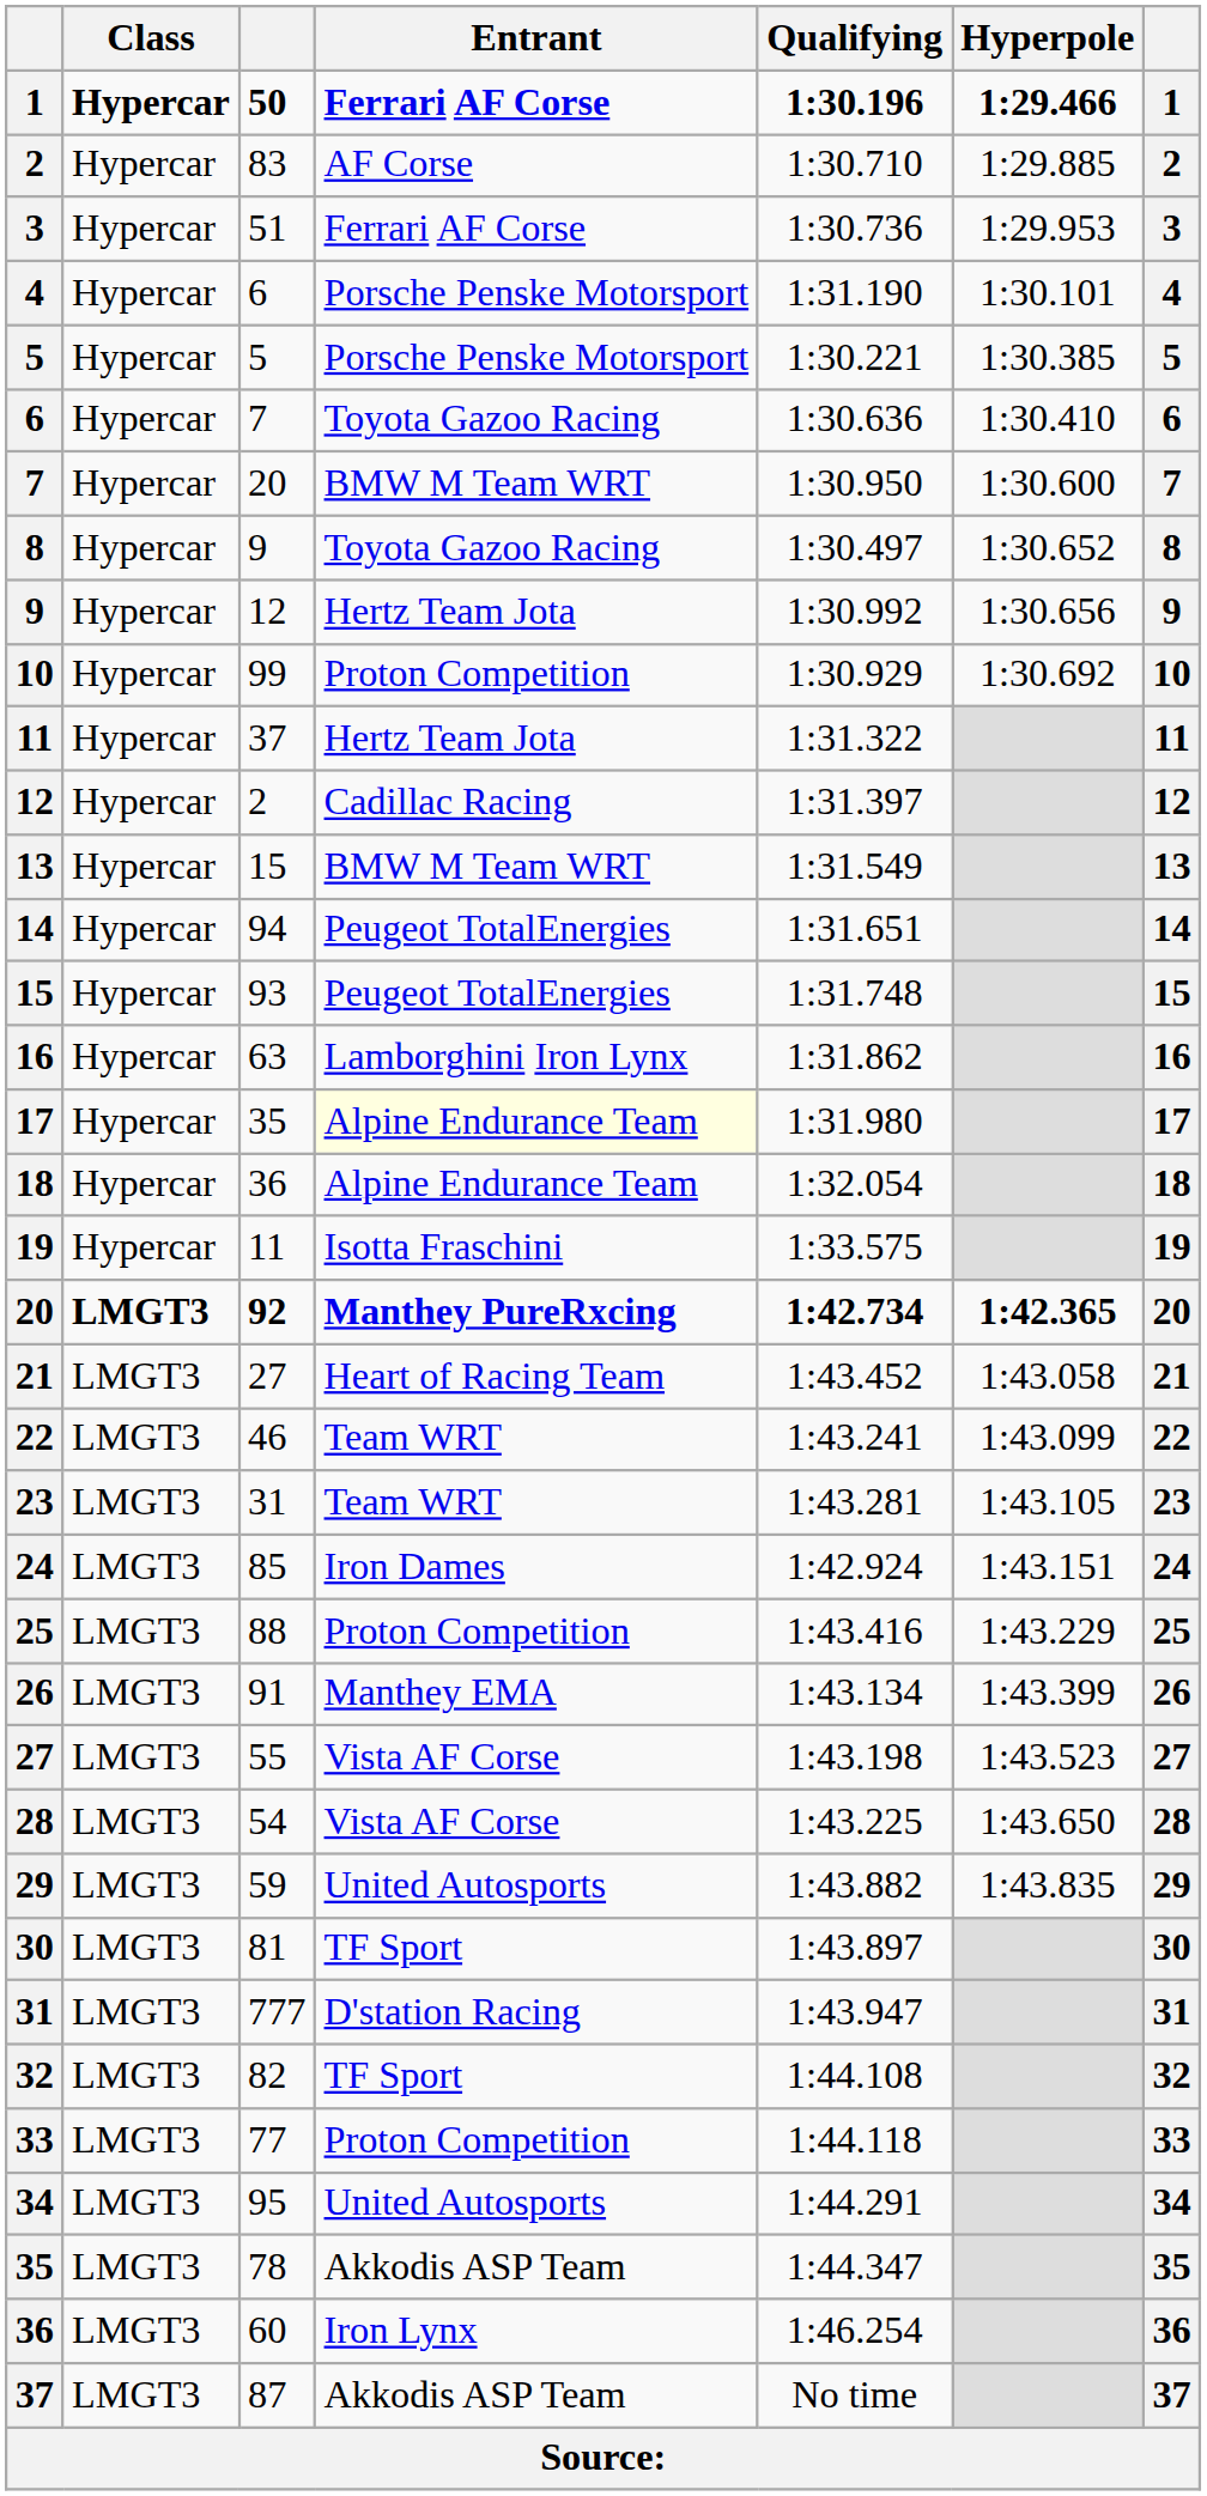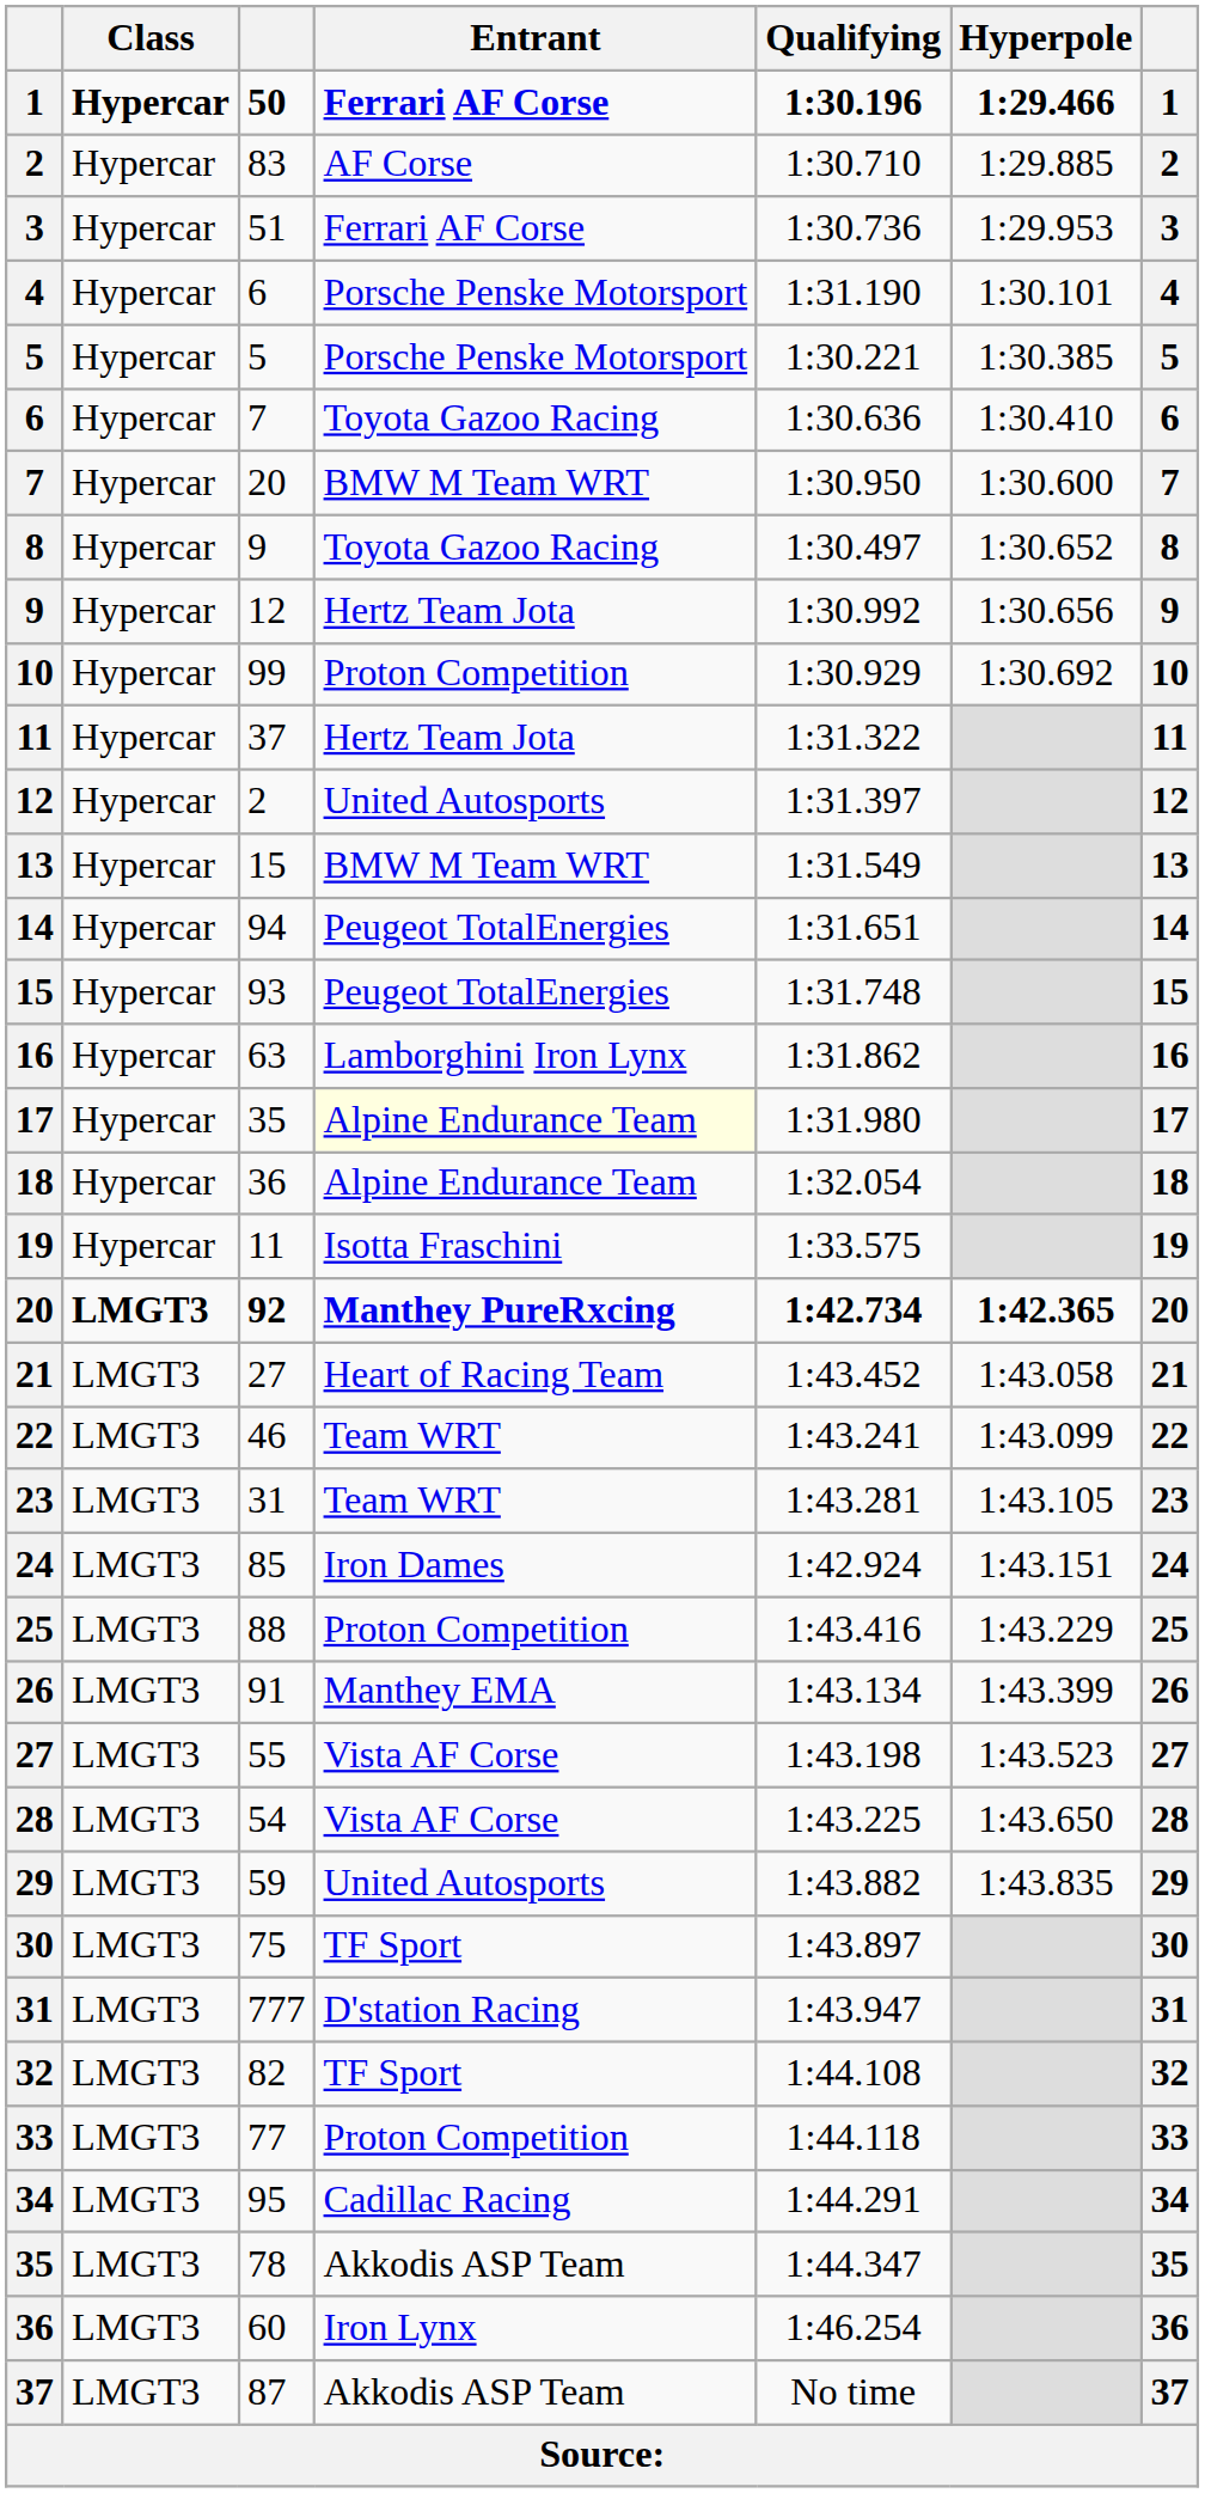 <table class="wikitable" style="font-size:90%;">
 <tr>
 <th></th>
 <th>Class</th>
 <th></th>
 <th>Entrant</th>
 <th>Qualifying</th>
 <th>Hyperpole</th>
 <th></th>
 </tr>
 <tr style="font-weight:bold">
 <th>1</th>
 <td>Hypercar</td>
 <td>50</td>
 <td> <a href='#'>Ferrari</a> <a href='#'>AF Corse</a></td>
 <td style="text-align:center;">1:30.196</td>
 <td style="text-align:center;">1:29.466</td>
 <th>1</th>
 </tr>
 <tr>
 <th>2</th>
 <td>Hypercar</td>
 <td>83</td>
 <td> <a href='#'>AF Corse</a></td>
 <td style="text-align:center;">1:30.710</td>
 <td style="text-align:center;">1:29.885</td>
 <th>2</th>
 </tr>
 <tr>
 <th>3</th>
 <td>Hypercar</td>
 <td>51</td>
 <td> <a href='#'>Ferrari</a> <a href='#'>AF Corse</a></td>
 <td style="text-align:center;">1:30.736</td>
 <td style="text-align:center;">1:29.953</td>
 <th>3</th>
 </tr>
 <tr>
 <th>4</th>
 <td>Hypercar</td>
 <td>6</td>
 <td> <a href='#'>Porsche Penske Motorsport</a></td>
 <td style="text-align:center;">1:31.190</td>
 <td style="text-align:center;">1:30.101</td>
 <th>4</th>
 </tr>
 <tr>
 <th>5</th>
 <td>Hypercar</td>
 <td>5</td>
 <td> <a href='#'>Porsche Penske Motorsport</a></td>
 <td style="text-align:center;">1:30.221</td>
 <td style="text-align:center;">1:30.385</td>
 <th>5</th>
 </tr>
 <tr>
 <th>6</th>
 <td>Hypercar</td>
 <td>7</td>
 <td> <a href='#'>Toyota Gazoo Racing</a></td>
 <td style="text-align:center;">1:30.636</td>
 <td style="text-align:center;">1:30.410</td>
 <th>6</th>
 </tr>
 <tr>
 <th>7</th>
 <td>Hypercar</td>
 <td>20</td>
 <td> <a href='#'>BMW M Team WRT</a></td>
 <td style="text-align:center;">1:30.950</td>
 <td style="text-align:center;">1:30.600</td>
 <th>7</th>
 </tr>
 <tr>
 <th>8</th>
 <td>Hypercar</td>
 <td>9</td>
 <td> <a href='#'>Toyota Gazoo Racing</a></td>
 <td style="text-align:center;">1:30.497</td>
 <td style="text-align:center;">1:30.652</td>
 <th>8</th>
 </tr>
 <tr>
 <th>9</th>
 <td>Hypercar</td>
 <td>12</td>
 <td> <a href='#'>Hertz Team Jota</a></td>
 <td style="text-align:center;">1:30.992</td>
 <td style="text-align:center;">1:30.656</td>
 <th>9</th>
 </tr>
 <tr>
 <th>10</th>
 <td>Hypercar</td>
 <td>99</td>
 <td> <a href='#'>Proton Competition</a></td>
 <td style="text-align:center;">1:30.929</td>
 <td style="text-align:center;">1:30.692</td>
 <th>10</th>
 </tr>
 <tr>
 <th>11</th>
 <td>Hypercar</td>
 <td>37</td>
 <td> <a href='#'>Hertz Team Jota</a></td>
 <td style="text-align:center;">1:31.322</td>
 <td style="text-align:center; background:#ddd;"></td>
 <th>11</th>
 </tr>
 <tr>
 <th>12</th>
 <td>Hypercar</td>
 <td>2</td>
-<td> <a href='#'>Cadillac Racing</a></td>
+<td> <a href='#'>United Autosports</a></td>
 <td style="text-align:center;">1:31.397</td>
 <td style="text-align:center; background:#ddd;"></td>
 <th>12</th>
 </tr>
 <tr>
 <th>13</th>
 <td>Hypercar</td>
 <td>15</td>
 <td> <a href='#'>BMW M Team WRT</a></td>
 <td style="text-align:center;">1:31.549</td>
 <td style="text-align:center; background:#ddd;"></td>
 <th>13</th>
 </tr>
 <tr>
 <th>14</th>
 <td>Hypercar</td>
 <td>94</td>
 <td> <a href='#'>Peugeot TotalEnergies</a></td>
 <td style="text-align:center;">1:31.651</td>
 <td style="text-align:center; background:#ddd;"></td>
 <th>14</th>
 </tr>
 <tr>
 <th>15</th>
 <td>Hypercar</td>
 <td>93</td>
 <td> <a href='#'>Peugeot TotalEnergies</a></td>
 <td style="text-align:center;">1:31.748</td>
 <td style="text-align:center; background:#ddd;"></td>
 <th>15</th>
 </tr>
 <tr>
 <th>16</th>
 <td>Hypercar</td>
 <td>63</td>
 <td> <a href='#'>Lamborghini</a> <a href='#'>Iron Lynx</a></td>
 <td style="text-align:center;">1:31.862</td>
 <td style="text-align:center; background:#ddd;"></td>
 <th>16</th>
 </tr>
 <tr>
 <th>17</th>
 <td>Hypercar</td>
 <td>35</td>
 <td style="background: lightyellow;"> <a href='#'>Alpine Endurance Team</a></td>
 <td style="text-align:center;">1:31.980</td>
 <td style="text-align:center; background:#ddd;"></td>
 <th>17</th>
 </tr>
 <tr>
 <th>18</th>
 <td>Hypercar</td>
 <td>36</td>
 <td> <a href='#'>Alpine Endurance Team</a></td>
 <td style="text-align:center;">1:32.054</td>
 <td style="text-align:center; background:#ddd;"></td>
 <th>18</th>
 </tr>
 <tr>
 <th>19</th>
 <td>Hypercar</td>
 <td>11</td>
 <td> <a href='#'>Isotta Fraschini</a></td>
 <td style="text-align:center;">1:33.575</td>
 <td style="text-align:center; background:#ddd;"></td>
 <th>19</th>
 </tr>
 <tr style="font-weight:bold">
 <th>20</th>
 <td>LMGT3</td>
 <td>92</td>
 <td> <a href='#'>Manthey PureRxcing</a></td>
 <td style="text-align:center;">1:42.734</td>
 <td style="text-align:center;">1:42.365</td>
 <th>20</th>
 </tr>
 <tr>
 <th>21</th>
 <td>LMGT3</td>
 <td>27</td>
 <td> <a href='#'>Heart of Racing Team</a></td>
 <td style="text-align:center;">1:43.452</td>
 <td style="text-align:center;">1:43.058</td>
 <th>21</th>
 </tr>
 <tr>
 <th>22</th>
 <td>LMGT3</td>
 <td>46</td>
 <td> <a href='#'>Team WRT</a></td>
 <td style="text-align:center;">1:43.241</td>
 <td style="text-align:center;">1:43.099</td>
 <th>22</th>
 </tr>
 <tr>
 <th>23</th>
 <td>LMGT3</td>
 <td>31</td>
 <td> <a href='#'>Team WRT</a></td>
 <td style="text-align:center;">1:43.281</td>
 <td style="text-align:center;">1:43.105</td>
 <th>23</th>
 </tr>
 <tr>
 <th>24</th>
 <td>LMGT3</td>
 <td>85</td>
 <td> <a href='#'>Iron Dames</a></td>
 <td style="text-align:center;">1:42.924</td>
 <td style="text-align:center;">1:43.151</td>
 <th>24</th>
 </tr>
 <tr>
 <th>25</th>
 <td>LMGT3</td>
 <td>88</td>
 <td> <a href='#'>Proton Competition</a></td>
 <td style="text-align:center;">1:43.416</td>
 <td style="text-align:center;">1:43.229</td>
 <th>25</th>
 </tr>
 <tr>
 <th>26</th>
 <td>LMGT3</td>
 <td>91</td>
 <td> <a href='#'>Manthey EMA</a></td>
 <td style="text-align:center;">1:43.134</td>
 <td style="text-align:center;">1:43.399</td>
 <th>26</th>
 </tr>
 <tr>
 <th>27</th>
 <td>LMGT3</td>
 <td>55</td>
 <td> <a href='#'>Vista AF Corse</a></td>
 <td style="text-align:center;">1:43.198</td>
 <td style="text-align:center;">1:43.523</td>
 <th>27</th>
 </tr>
 <tr>
 <th>28</th>
 <td>LMGT3</td>
 <td>54</td>
 <td> <a href='#'>Vista AF Corse</a></td>
 <td style="text-align:center;">1:43.225</td>
 <td style="text-align:center;">1:43.650</td>
 <th>28</th>
 </tr>
 <tr>
 <th>29</th>
 <td>LMGT3</td>
 <td>59</td>
 <td> <a href='#'>United Autosports</a></td>
 <td style="text-align:center;">1:43.882</td>
 <td style="text-align:center;">1:43.835</td>
 <th>29</th>
 </tr>
 <tr>
 <th>30</th>
 <td>LMGT3</td>
-<td>81</td>
+<td>75</td>
 <td> <a href='#'>TF Sport</a></td>
 <td style="text-align:center;">1:43.897</td>
 <td style="text-align:center; background:#ddd;"></td>
 <th>30</th>
 </tr>
 <tr>
 <th>31</th>
 <td>LMGT3</td>
 <td>777</td>
 <td> <a href='#'>D'station Racing</a></td>
 <td style="text-align:center;">1:43.947</td>
 <td style="text-align:center; background:#ddd;"></td>
 <th>31</th>
 </tr>
 <tr>
 <th>32</th>
 <td>LMGT3</td>
 <td>82</td>
 <td> <a href='#'>TF Sport</a></td>
 <td style="text-align:center;">1:44.108</td>
 <td style="text-align:center; background:#ddd;"></td>
 <th>32</th>
 </tr>
 <tr>
 <th>33</th>
 <td>LMGT3</td>
 <td>77</td>
 <td> <a href='#'>Proton Competition</a></td>
 <td style="text-align:center;">1:44.118</td>
 <td style="text-align:center; background:#ddd;"></td>
 <th>33</th>
 </tr>
 <tr>
 <th>34</th>
 <td>LMGT3</td>
 <td>95</td>
-<td> <a href='#'>United Autosports</a></td>
+<td> <a href='#'>Cadillac Racing</a></td>
 <td style="text-align:center;">1:44.291</td>
 <td style="text-align:center; background:#ddd;"></td>
 <th>34</th>
 </tr>
 <tr>
 <th>35</th>
 <td>LMGT3</td>
 <td>78</td>
 <td> Akkodis ASP Team</td>
 <td style="text-align:center;">1:44.347</td>
 <td style="text-align:center; background:#ddd;"></td>
 <th>35</th>
 </tr>
 <tr>
 <th>36</th>
 <td>LMGT3</td>
 <td>60</td>
 <td> <a href='#'>Iron Lynx</a></td>
 <td style="text-align:center;">1:46.254</td>
 <td style="text-align:center; background:#ddd;"></td>
 <th>36</th>
 </tr>
 <tr>
 <th>37</th>
 <td>LMGT3</td>
 <td>87</td>
 <td> Akkodis ASP Team</td>
 <td style="text-align:center;">No time</td>
 <td style="text-align:center; background:#ddd;"></td>
 <th>37</th>
 </tr>
 <tr>
 <th colspan="7">Source:</th>
 </tr>
 </table>
